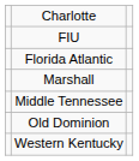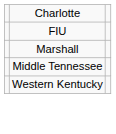 <table class="wikitable" style="display: inline-table;">
 <tr align="center">
 <td></td>
 <td>Charlotte</td>
 <td></td>
 </tr>
 <tr align="center">
 <td></td>
 <td>FIU</td>
-<td></td>
-</tr>
-<tr align="center">
-<td></td>
-<td>Florida Atlantic</td>
 <td></td>
 </tr>
 <tr align="center">
 <td></td>
 <td>Marshall</td>
 <td></td>
 </tr>
 <tr align="center">
 <td></td>
 <td>Middle Tennessee</td>
 <td></td>
 </tr>
 <tr align="center">
 <td></td>
-<td>Old Dominion</td>
-<td></td>
-</tr>
-<tr align="center">
-<td></td>
 <td>Western Kentucky</td>
 <td></td>
 </tr>
 </table>
